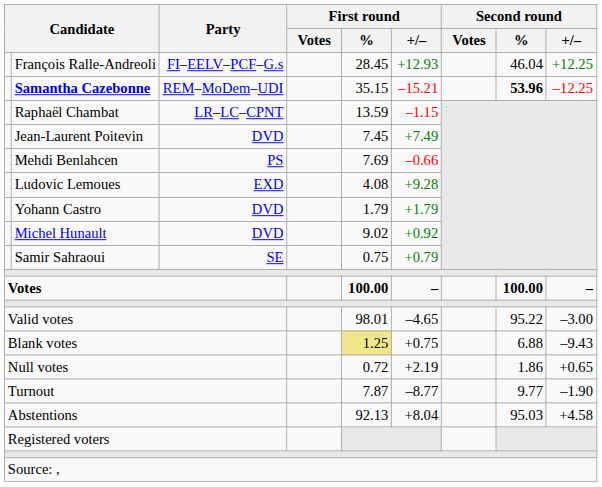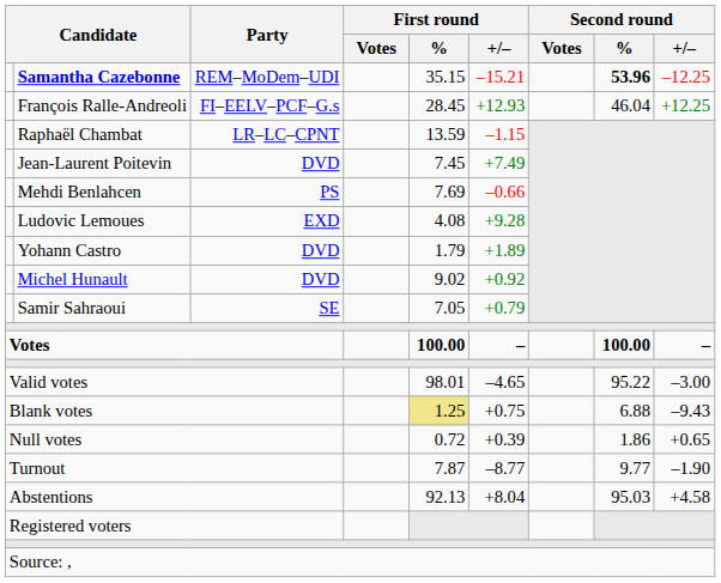 <table class="wikitable" style="text-align:right;font-size:95%;">
 <tr>
 <th rowspan="2" colspan="2">Candidate</th>
 <th rowspan="2">Party</th>
 <th colspan="3">First round</th>
 <th colspan="3">Second round</th>
 </tr>
 <tr>
 <th style="width:50px;">Votes</th>
 <th style="width:45px;">%</th>
 <th style="width:45px;">+/–</th>
 <th style="width:50px;">Votes</th>
 <th style="width:45px;">%</th>
 <th style="width:45px;">+/–</th>
 </tr>
 <tr>
 <td style="color:inherit;background:"></td>
+<td style="text-align:left;"><strong><a href='#'>Samantha Cazebonne</a></strong></td>
+<td><a href='#'>REM</a>–<a href='#'>MoDem</a>–<a href='#'>UDI</a></td>
+<td></td>
+<td>35.15</td>
+<td style="color:red;">–15.21</td>
+<td><strong></strong></td>
+<td><strong>53.96</strong></td>
+<td style="color:red;">–12.25</td>
+</tr>
+<tr>
+<td style="color:inherit;background:"></td>
 <td style="text-align:left;">François Ralle-Andreoli</td>
 <td><a href='#'>FI</a>–<a href='#'>EELV</a>–<a href='#'>PCF</a>–<a href='#'>G.s</a></td>
 <td></td>
 <td>28.45</td>
 <td style="color:green;">+12.93</td>
 <td></td>
 <td>46.04</td>
 <td style="color:green;">+12.25</td>
-</tr>
-<tr>
-<td style="color:inherit;background:"></td>
-<td style="text-align:left;"><strong><a href='#'>Samantha Cazebonne</a></strong></td>
-<td><a href='#'>REM</a>–<a href='#'>MoDem</a>–<a href='#'>UDI</a></td>
-<td></td>
-<td>35.15</td>
-<td style="color:red;">–15.21</td>
-<td><strong></strong></td>
-<td><strong>53.96</strong></td>
-<td style="color:red;">–12.25</td>
 </tr>
 <tr>
 <td style="color:inherit;background:"></td>
 <td style="text-align:left;">Raphaël Chambat</td>
 <td><a href='#'>LR</a>–<a href='#'>LC</a>–<a href='#'>CPNT</a></td>
 <td></td>
 <td>13.59</td>
 <td style="color:red;">–1.15</td>
 <td colspan="3" rowspan="7" style="background:#E9E9E9;"></td>
 </tr>
 <tr>
 <td style="color:inherit;background:"></td>
 <td style="text-align:left;">Jean-Laurent Poitevin</td>
 <td><a href='#'>DVD</a></td>
 <td></td>
 <td>7.45</td>
 <td style="color:green;">+7.49</td>
 </tr>
 <tr>
 <td style="color:inherit;background:"></td>
 <td style="text-align:left;">Mehdi Benlahcen</td>
 <td><a href='#'>PS</a></td>
 <td></td>
 <td>7.69</td>
 <td style="color:red;">–0.66</td>
 </tr>
 <tr>
 <td style="color:inherit;background:"></td>
 <td style="text-align:left;">Ludovic Lemoues</td>
 <td><a href='#'>EXD</a></td>
 <td></td>
 <td>4.08</td>
 <td style="color:green;">+9.28</td>
 </tr>
 <tr>
 <td style="color:inherit;background:"></td>
 <td style="text-align:left;">Yohann Castro</td>
 <td><a href='#'>DVD</a></td>
 <td></td>
 <td>1.79</td>
-<td style="color:green;">+1.79</td>
+<td style="color:green;">+1.89</td>
 </tr>
 <tr>
 <td style="color:inherit;background:"></td>
 <td style="text-align:left;"><a href='#'>Michel Hunault</a></td>
 <td><a href='#'>DVD</a></td>
 <td></td>
 <td>9.02</td>
 <td style="color:green;">+0.92</td>
 </tr>
 <tr>
 <td style="color:inherit;background:"></td>
 <td style="text-align:left;">Samir Sahraoui</td>
 <td><a href='#'>SE</a></td>
 <td></td>
-<td>0.75</td>
+<td>7.05</td>
 <td style="color:green;">+0.79</td>
 </tr>
 <tr>
 <td colspan="9" style="background:#E9E9E9;"></td>
 </tr>
 <tr style="font-weight:bold;">
 <td colspan="3" style="text-align:left;">Votes</td>
 <td></td>
 <td>100.00</td>
 <td>–</td>
 <td></td>
 <td>100.00</td>
 <td>–</td>
 </tr>
 <tr>
 <td colspan="9" style="background:#E9E9E9;"></td>
 </tr>
 <tr>
 <td colspan="3" style="text-align:left;">Valid votes</td>
 <td></td>
 <td>98.01</td>
 <td>–4.65</td>
 <td></td>
 <td>95.22</td>
 <td>–3.00</td>
 </tr>
 <tr>
 <td colspan="3" style="text-align:left;">Blank votes</td>
 <td></td>
 <td style="background: khaki;">1.25</td>
 <td>+0.75</td>
 <td></td>
 <td>6.88</td>
 <td>–9.43</td>
 </tr>
 <tr>
 <td colspan="3" style="text-align:left;">Null votes</td>
 <td></td>
 <td>0.72</td>
-<td>+2.19</td>
+<td>+0.39</td>
 <td></td>
 <td>1.86</td>
 <td>+0.65</td>
 </tr>
 <tr>
 <td colspan="3" style="text-align:left;">Turnout</td>
 <td></td>
 <td>7.87</td>
 <td>–8.77</td>
 <td></td>
 <td>9.77</td>
 <td>–1.90</td>
 </tr>
 <tr>
 <td colspan="3" style="text-align:left;">Abstentions</td>
 <td></td>
 <td>92.13</td>
 <td>+8.04</td>
 <td></td>
 <td>95.03</td>
 <td>+4.58</td>
 </tr>
 <tr>
 <td colspan="3" style="text-align:left;">Registered voters</td>
 <td></td>
 <td colspan="2" style="background:#E9E9E9;"></td>
 <td></td>
 <td colspan="2" style="background:#E9E9E9;"></td>
 </tr>
 <tr>
 <td colspan="9" style="background:#E9E9E9;"></td>
 </tr>
 <tr>
 <td colspan="9" style="text-align:left;">Source: , </td>
 </tr>
 </table>
